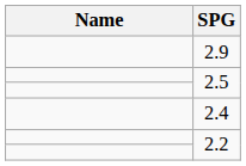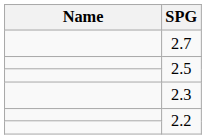 <table class=wikitable>
 <tr>
 <th>Name</th>
 <th width="20%">SPG</th>
 </tr>
 <tr>
 <td></td>
-<td align=center>2.9</td>
+<td align=center>2.7</td>
 </tr>
 <tr>
 <td></td>
 <td align=center rowspan=2>2.5</td>
 </tr>
 <tr>
 <td></td>
 </tr>
 <tr>
 <td></td>
-<td align=center>2.4</td>
+<td align=center>2.3</td>
 </tr>
 <tr>
 <td></td>
 <td align=center rowspan=2>2.2</td>
 </tr>
 <tr>
 <td></td>
 </tr>
 </table>
